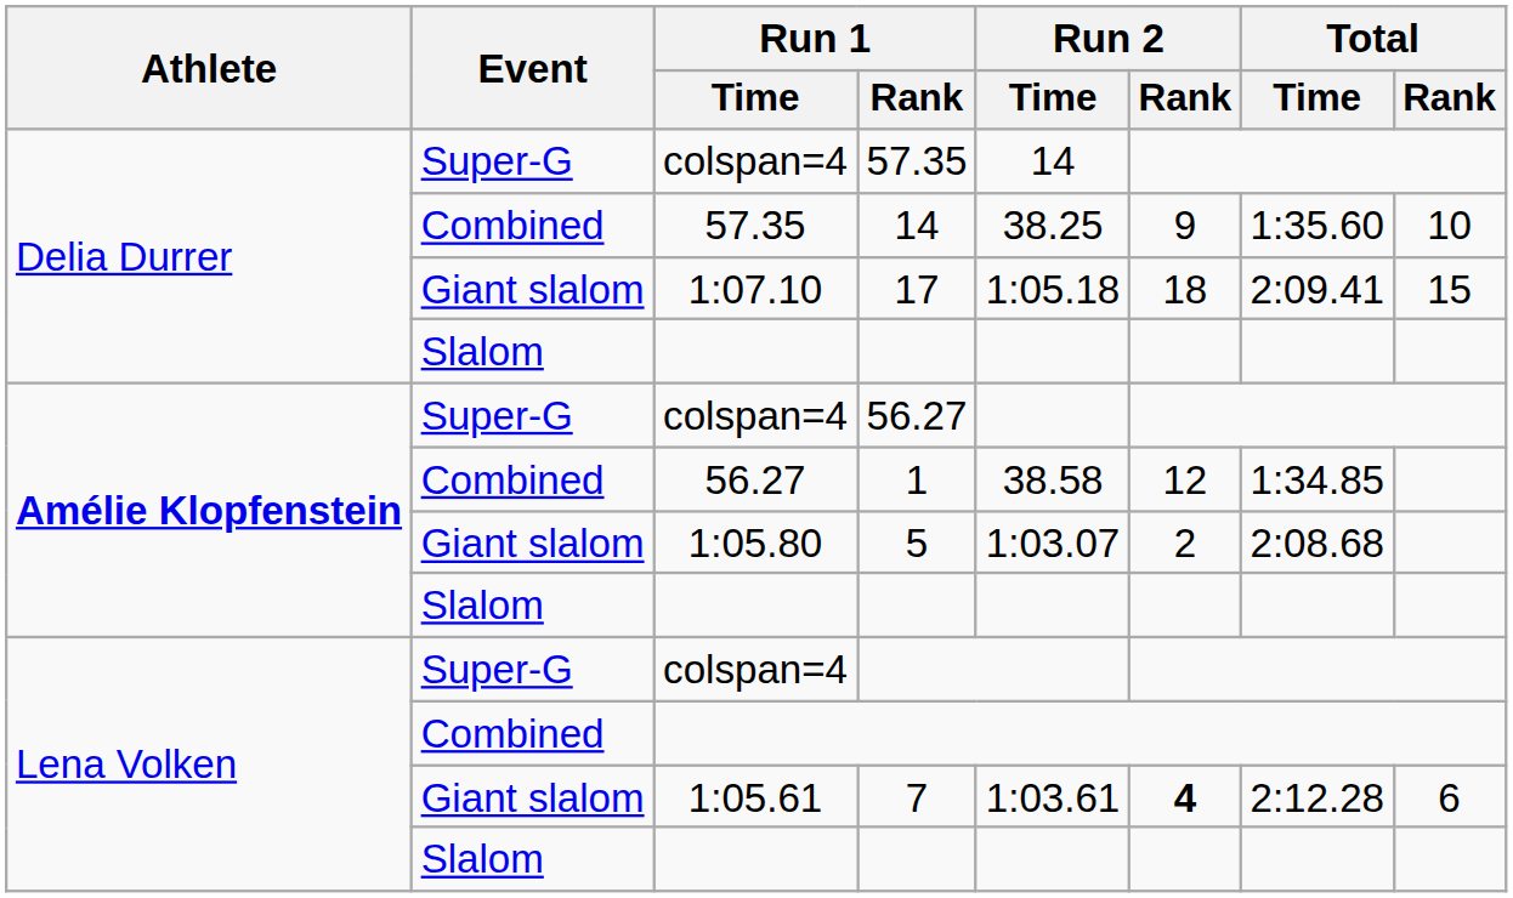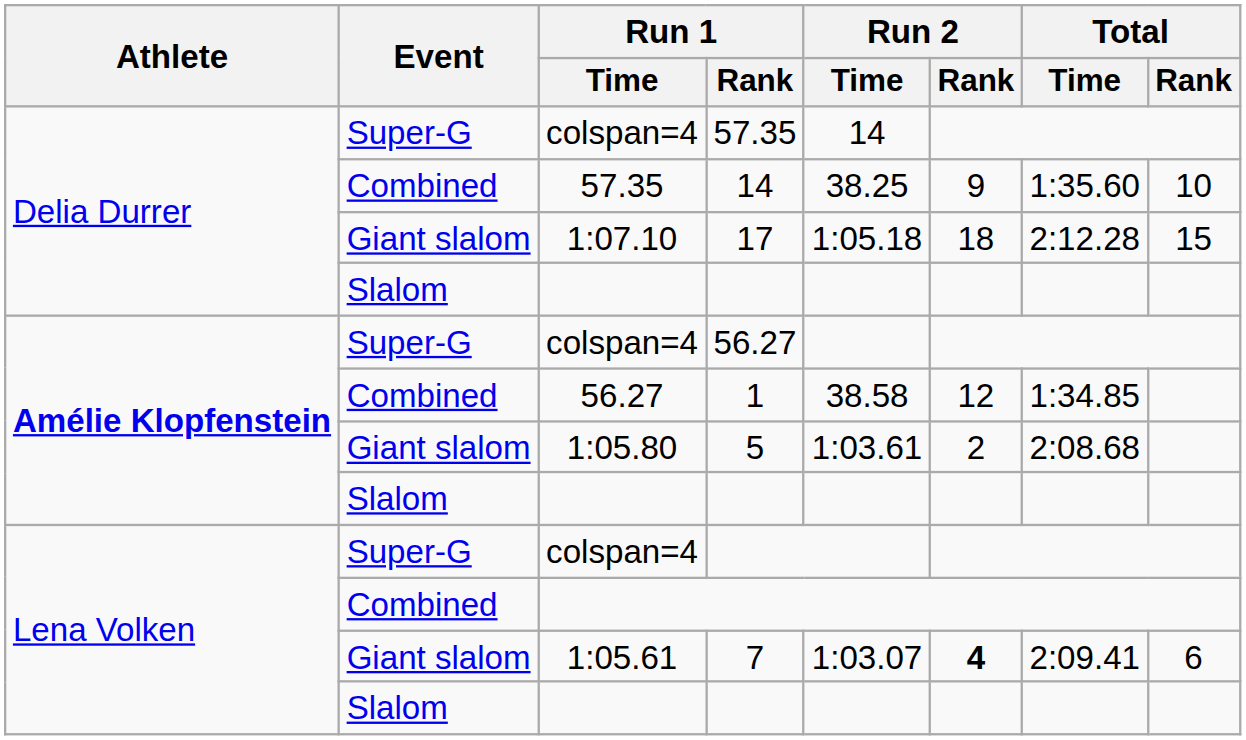 <table class="wikitable" style="font-size:90%">
 <tr>
 <th rowspan=2>Athlete</th>
 <th rowspan=2>Event</th>
 <th colspan=2>Run 1</th>
 <th colspan=2>Run 2</th>
 <th colspan=2>Total</th>
 </tr>
 <tr style="font-size:95%">
 <th>Time</th>
 <th>Rank</th>
 <th>Time</th>
 <th>Rank</th>
 <th>Time</th>
 <th>Rank</th>
 </tr>
 <tr align=center>
 <td align="left" rowspan="4"><a href='#'>Delia Durrer</a></td>
 <td align="left"><a href='#'>Super-G</a></td>
 <td>colspan=4</td>
 <td>57.35</td>
 <td>14</td>
 </tr>
 <tr align=center>
 <td align="left"><a href='#'>Combined</a></td>
 <td>57.35</td>
 <td>14</td>
 <td>38.25</td>
 <td>9</td>
 <td>1:35.60</td>
 <td>10</td>
 </tr>
 <tr align=center>
 <td align="left"><a href='#'>Giant slalom</a></td>
 <td>1:07.10</td>
 <td>17</td>
 <td>1:05.18</td>
 <td>18</td>
-<td>2:09.41</td>
+<td>2:12.28</td>
 <td>15</td>
 </tr>
 <tr align=center>
 <td align="left"><a href='#'>Slalom</a></td>
 <td></td>
 <td></td>
 <td></td>
 <td></td>
 <td></td>
 <td></td>
 </tr>
 <tr align=center>
 <td align="left" rowspan="4"><strong><a href='#'>Amélie Klopfenstein</a></strong></td>
 <td align="left"><a href='#'>Super-G</a></td>
 <td>colspan=4</td>
 <td>56.27</td>
 <td><strong></strong></td>
 </tr>
 <tr align=center>
 <td align="left"><a href='#'>Combined</a></td>
 <td>56.27</td>
 <td>1</td>
 <td>38.58</td>
 <td>12</td>
 <td>1:34.85</td>
 <td><strong></strong></td>
 </tr>
 <tr align=center>
 <td align="left"><a href='#'>Giant slalom</a></td>
 <td>1:05.80</td>
 <td>5</td>
-<td>1:03.07</td>
+<td>1:03.61</td>
 <td>2</td>
 <td>2:08.68</td>
 <td><strong></strong></td>
 </tr>
 <tr>
 <td align="left"><a href='#'>Slalom</a></td>
 <td></td>
 <td></td>
 <td></td>
 <td></td>
 <td></td>
 <td></td>
 </tr>
 <tr align=center>
 <td align="left" rowspan="4"><a href='#'>Lena Volken</a></td>
 <td align="left"><a href='#'>Super-G</a></td>
 <td>colspan=4</td>
 <td colspan=2></td>
 </tr>
 <tr align=center>
 <td align="left"><a href='#'>Combined</a></td>
 <td colspan=6></td>
 </tr>
 <tr align=center>
 <td align="left"><a href='#'>Giant slalom</a></td>
 <td>1:05.61</td>
 <td>7</td>
-<td>1:03.61</td>
+<td>1:03.07</td>
 <td><strong>4</strong></td>
-<td>2:12.28</td>
+<td>2:09.41</td>
 <td>6</td>
 </tr>
 <tr align=center>
 <td align="left"><a href='#'>Slalom</a></td>
 <td></td>
 <td></td>
 <td></td>
 <td></td>
 <td></td>
 <td></td>
 </tr>
 </table>
